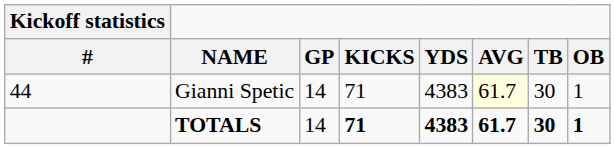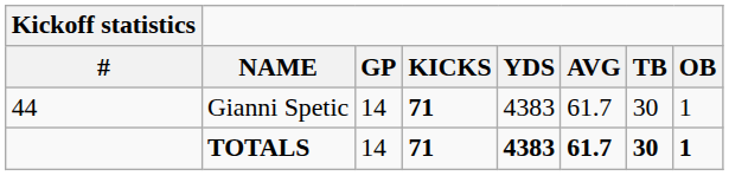 <table class="wikitable collapsible">
 <tr>
 <th style="text-align:center; ">Kickoff statistics</th>
 </tr>
 <tr>
 <th>#</th>
 <th>NAME</th>
 <th>GP</th>
 <th>KICKS</th>
 <th>YDS</th>
 <th>AVG</th>
 <th>TB</th>
 <th>OB</th>
 </tr>
 <tr>
 <td>44</td>
 <td>Gianni Spetic</td>
 <td>14</td>
-<td>71</td>
+<td><strong>71</strong></td>
 <td>4383</td>
-<td style="background: lightyellow;">61.7</td>
+<td>61.7</td>
 <td>30</td>
 <td>1</td>
 </tr>
 <tr>
 <td></td>
 <td><strong>TOTALS</strong></td>
 <td>14</td>
 <td><strong>71</strong></td>
 <td><strong>4383</strong></td>
 <td><strong>61.7</strong></td>
 <td><strong>30</strong></td>
 <td><strong>1</strong></td>
 </tr>
 </table>
